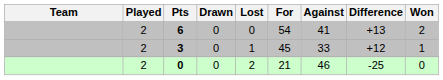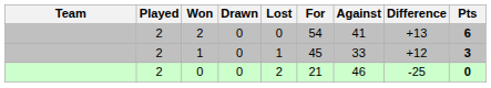 <table class="wikitable">
 <tr>
 <th width=165>Team</th>
 <th width=40>Played</th>
-<th width=40>Pts</th>
+<th width=40>Won</th>
 <th width=40>Drawn</th>
 <th width=40>Lost</th>
 <th width=40>For</th>
 <th width=40>Against</th>
 <th width=40>Difference</th>
-<th width=40>Won</th>
+<th width=40>Pts</th>
 </tr>
 <tr bgcolor=#cococo align=center>
 <td align=left></td>
 <td>2</td>
-<td><strong>6</strong></td>
+<td>2</td>
 <td>0</td>
 <td>0</td>
 <td>54</td>
 <td>41</td>
 <td>+13</td>
-<td>2</td>
+<td><strong>6</strong></td>
 </tr>
 <tr bgcolor=#cococo align=center>
 <td align=left></td>
 <td>2</td>
-<td><strong>3</strong></td>
+<td>1</td>
 <td>0</td>
 <td>1</td>
 <td>45</td>
 <td>33</td>
 <td>+12</td>
-<td>1</td>
+<td><strong>3</strong></td>
 </tr>
 <tr bgcolor=#ccffcc align=center>
 <td align=left></td>
 <td>2</td>
-<td><strong>0</strong></td>
+<td>0</td>
 <td>0</td>
 <td>2</td>
 <td>21</td>
 <td>46</td>
 <td>-25</td>
-<td>0</td>
+<td><strong>0</strong></td>
 </tr>
 </table>
